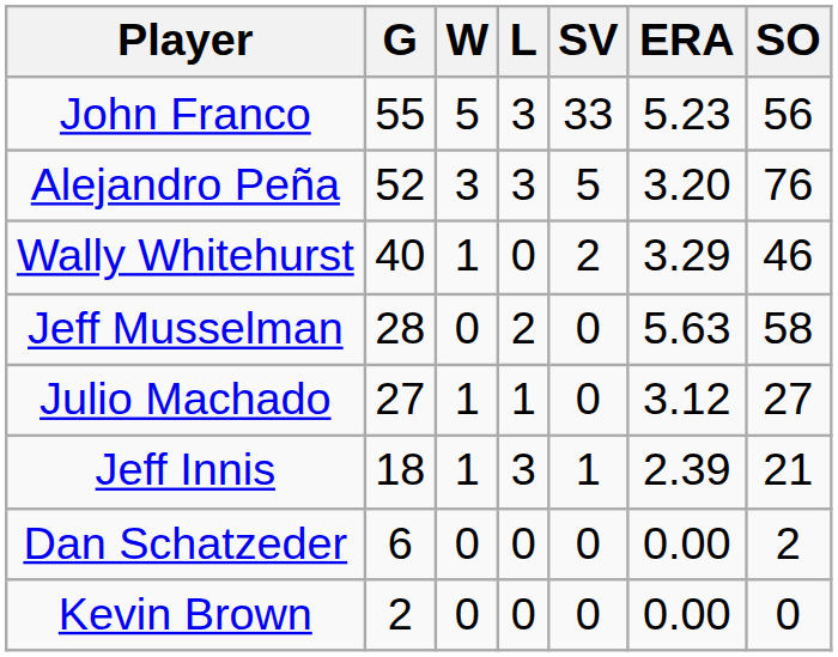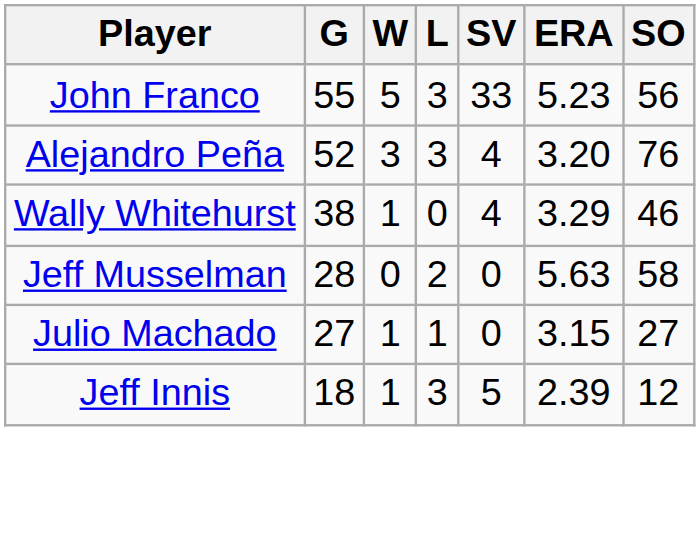 <table class="wikitable sortable">
 <tr>
 <th>Player</th>
 <th>G</th>
 <th>W</th>
 <th>L</th>
 <th>SV</th>
 <th>ERA</th>
 <th>SO</th>
 </tr>
 <tr align="center">
 <td><a href='#'>John Franco</a></td>
 <td>55</td>
 <td>5</td>
 <td>3</td>
 <td>33</td>
 <td>5.23</td>
 <td>56</td>
 </tr>
 <tr align="center">
 <td><a href='#'>Alejandro Peña</a></td>
 <td>52</td>
 <td>3</td>
 <td>3</td>
-<td>5</td>
+<td>4</td>
 <td>3.20</td>
 <td>76</td>
 </tr>
 <tr align="center">
 <td><a href='#'>Wally Whitehurst</a></td>
-<td>40</td>
+<td>38</td>
 <td>1</td>
 <td>0</td>
-<td>2</td>
+<td>4</td>
 <td>3.29</td>
 <td>46</td>
 </tr>
 <tr align="center">
 <td><a href='#'>Jeff Musselman</a></td>
 <td>28</td>
 <td>0</td>
 <td>2</td>
 <td>0</td>
 <td>5.63</td>
 <td>58</td>
 </tr>
 <tr align="center">
 <td><a href='#'>Julio Machado</a></td>
 <td>27</td>
 <td>1</td>
 <td>1</td>
 <td>0</td>
-<td>3.12</td>
+<td>3.15</td>
 <td>27</td>
 </tr>
 <tr align="center">
 <td><a href='#'>Jeff Innis</a></td>
 <td>18</td>
 <td>1</td>
 <td>3</td>
-<td>1</td>
+<td>5</td>
 <td>2.39</td>
-<td>21</td>
-</tr>
-<tr align="center">
-<td><a href='#'>Dan Schatzeder</a></td>
-<td>6</td>
-<td>0</td>
-<td>0</td>
-<td>0</td>
-<td>0.00</td>
-<td>2</td>
-</tr>
-<tr align="center">
-<td><a href='#'>Kevin Brown</a></td>
-<td>2</td>
-<td>0</td>
-<td>0</td>
-<td>0</td>
-<td>0.00</td>
-<td>0</td>
+<td>12</td>
 </tr>
 </table>
